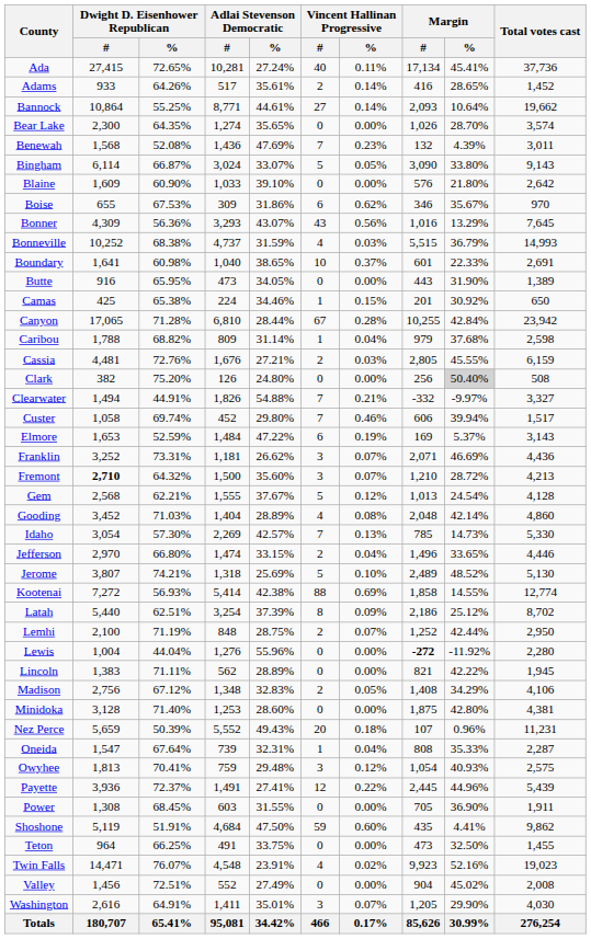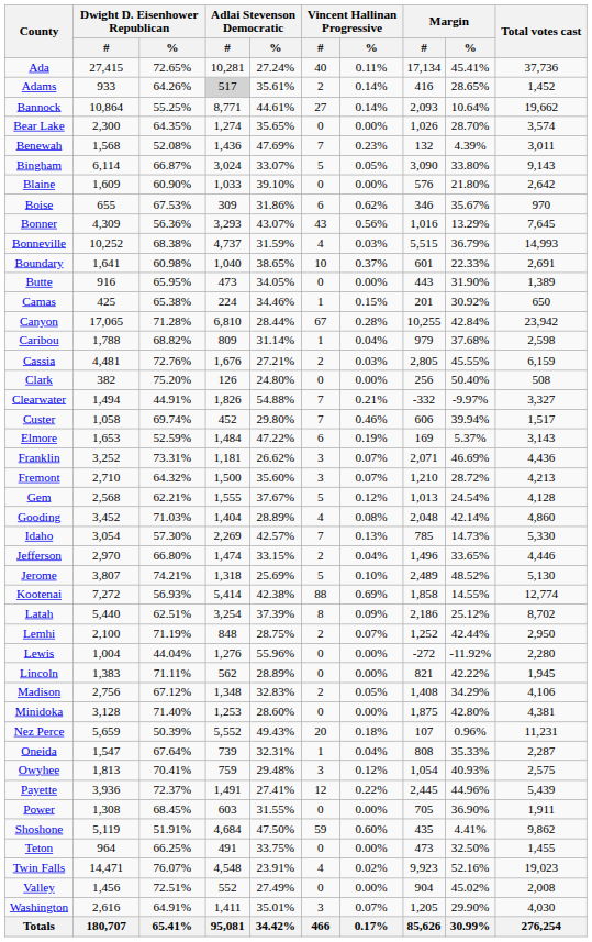 <table width="60%"  class="wikitable sortable" style="text-align:center">
 <tr>
 <th style="text-align:center;" rowspan="2">County</th>
 <th style="text-align:center;" colspan="2">Dwight D. Eisenhower<br>Republican</th>
 <th style="text-align:center;" colspan="2">Adlai Stevenson<br>Democratic</th>
 <th style="text-align:center;" colspan="2">Vincent Hallinan<br>Progressive</th>
 <th style="text-align:center;" colspan="2">Margin</th>
 <th style="text-align:center;" rowspan="2">Total votes cast</th>
 </tr>
 <tr>
 <th style="text-align:center;" data-sort-type="number">#</th>
 <th style="text-align:center;" data-sort-type="number">%</th>
 <th style="text-align:center;" data-sort-type="number">#</th>
 <th style="text-align:center;" data-sort-type="number">%</th>
 <th style="text-align:center;" data-sort-type="number">#</th>
 <th style="text-align:center;" data-sort-type="number">%</th>
 <th style="text-align:center;" data-sort-type="number">#</th>
 <th style="text-align:center;" data-sort-type="number">%</th>
 </tr>
 <tr style="text-align:center;">
 <td><a href='#'>Ada</a></td>
 <td>27,415</td>
 <td>72.65%</td>
 <td>10,281</td>
 <td>27.24%</td>
 <td>40</td>
 <td>0.11%</td>
 <td>17,134</td>
 <td>45.41%</td>
 <td>37,736</td>
 </tr>
 <tr style="text-align:center;">
 <td><a href='#'>Adams</a></td>
 <td>933</td>
 <td>64.26%</td>
-<td>517</td>
+<td style="background: lightgrey;">517</td>
 <td>35.61%</td>
 <td>2</td>
 <td>0.14%</td>
 <td>416</td>
 <td>28.65%</td>
 <td>1,452</td>
 </tr>
 <tr style="text-align:center;">
 <td><a href='#'>Bannock</a></td>
 <td>10,864</td>
 <td>55.25%</td>
 <td>8,771</td>
 <td>44.61%</td>
 <td>27</td>
 <td>0.14%</td>
 <td>2,093</td>
 <td>10.64%</td>
 <td>19,662</td>
 </tr>
 <tr style="text-align:center;">
 <td><a href='#'>Bear Lake</a></td>
 <td>2,300</td>
 <td>64.35%</td>
 <td>1,274</td>
 <td>35.65%</td>
 <td>0</td>
 <td>0.00%</td>
 <td>1,026</td>
 <td>28.70%</td>
 <td>3,574</td>
 </tr>
 <tr style="text-align:center;">
 <td><a href='#'>Benewah</a></td>
 <td>1,568</td>
 <td>52.08%</td>
 <td>1,436</td>
 <td>47.69%</td>
 <td>7</td>
 <td>0.23%</td>
 <td>132</td>
 <td>4.39%</td>
 <td>3,011</td>
 </tr>
 <tr style="text-align:center;">
 <td><a href='#'>Bingham</a></td>
 <td>6,114</td>
 <td>66.87%</td>
 <td>3,024</td>
 <td>33.07%</td>
 <td>5</td>
 <td>0.05%</td>
 <td>3,090</td>
 <td>33.80%</td>
 <td>9,143</td>
 </tr>
 <tr style="text-align:center;">
 <td><a href='#'>Blaine</a></td>
 <td>1,609</td>
 <td>60.90%</td>
 <td>1,033</td>
 <td>39.10%</td>
 <td>0</td>
 <td>0.00%</td>
 <td>576</td>
 <td>21.80%</td>
 <td>2,642</td>
 </tr>
 <tr style="text-align:center;">
 <td><a href='#'>Boise</a></td>
 <td>655</td>
 <td>67.53%</td>
 <td>309</td>
 <td>31.86%</td>
 <td>6</td>
 <td>0.62%</td>
 <td>346</td>
 <td>35.67%</td>
 <td>970</td>
 </tr>
 <tr style="text-align:center;">
 <td><a href='#'>Bonner</a></td>
 <td>4,309</td>
 <td>56.36%</td>
 <td>3,293</td>
 <td>43.07%</td>
 <td>43</td>
 <td>0.56%</td>
 <td>1,016</td>
 <td>13.29%</td>
 <td>7,645</td>
 </tr>
 <tr style="text-align:center;">
 <td><a href='#'>Bonneville</a></td>
 <td>10,252</td>
 <td>68.38%</td>
 <td>4,737</td>
 <td>31.59%</td>
 <td>4</td>
 <td>0.03%</td>
 <td>5,515</td>
 <td>36.79%</td>
 <td>14,993</td>
 </tr>
 <tr style="text-align:center;">
 <td><a href='#'>Boundary</a></td>
 <td>1,641</td>
 <td>60.98%</td>
 <td>1,040</td>
 <td>38.65%</td>
 <td>10</td>
 <td>0.37%</td>
 <td>601</td>
 <td>22.33%</td>
 <td>2,691</td>
 </tr>
 <tr style="text-align:center;">
 <td><a href='#'>Butte</a></td>
 <td>916</td>
 <td>65.95%</td>
 <td>473</td>
 <td>34.05%</td>
 <td>0</td>
 <td>0.00%</td>
 <td>443</td>
 <td>31.90%</td>
 <td>1,389</td>
 </tr>
 <tr style="text-align:center;">
 <td><a href='#'>Camas</a></td>
 <td>425</td>
 <td>65.38%</td>
 <td>224</td>
 <td>34.46%</td>
 <td>1</td>
 <td>0.15%</td>
 <td>201</td>
 <td>30.92%</td>
 <td>650</td>
 </tr>
 <tr style="text-align:center;">
 <td><a href='#'>Canyon</a></td>
 <td>17,065</td>
 <td>71.28%</td>
 <td>6,810</td>
 <td>28.44%</td>
 <td>67</td>
 <td>0.28%</td>
 <td>10,255</td>
 <td>42.84%</td>
 <td>23,942</td>
 </tr>
 <tr style="text-align:center;">
 <td><a href='#'>Caribou</a></td>
 <td>1,788</td>
 <td>68.82%</td>
 <td>809</td>
 <td>31.14%</td>
 <td>1</td>
 <td>0.04%</td>
 <td>979</td>
 <td>37.68%</td>
 <td>2,598</td>
 </tr>
 <tr style="text-align:center;">
 <td><a href='#'>Cassia</a></td>
 <td>4,481</td>
 <td>72.76%</td>
 <td>1,676</td>
 <td>27.21%</td>
 <td>2</td>
 <td>0.03%</td>
 <td>2,805</td>
 <td>45.55%</td>
 <td>6,159</td>
 </tr>
 <tr style="text-align:center;">
 <td><a href='#'>Clark</a></td>
 <td>382</td>
 <td>75.20%</td>
 <td>126</td>
 <td>24.80%</td>
 <td>0</td>
 <td>0.00%</td>
 <td>256</td>
-<td style="background: lightgrey;">50.40%</td>
+<td>50.40%</td>
 <td>508</td>
 </tr>
 <tr style="text-align:center;">
 <td><a href='#'>Clearwater</a></td>
 <td>1,494</td>
 <td>44.91%</td>
 <td>1,826</td>
 <td>54.88%</td>
 <td>7</td>
 <td>0.21%</td>
 <td>-332</td>
 <td>-9.97%</td>
 <td>3,327</td>
 </tr>
 <tr style="text-align:center;">
 <td><a href='#'>Custer</a></td>
 <td>1,058</td>
 <td>69.74%</td>
 <td>452</td>
 <td>29.80%</td>
 <td>7</td>
 <td>0.46%</td>
 <td>606</td>
 <td>39.94%</td>
 <td>1,517</td>
 </tr>
 <tr style="text-align:center;">
 <td><a href='#'>Elmore</a></td>
 <td>1,653</td>
 <td>52.59%</td>
 <td>1,484</td>
 <td>47.22%</td>
 <td>6</td>
 <td>0.19%</td>
 <td>169</td>
 <td>5.37%</td>
 <td>3,143</td>
 </tr>
 <tr style="text-align:center;">
 <td><a href='#'>Franklin</a></td>
 <td>3,252</td>
 <td>73.31%</td>
 <td>1,181</td>
 <td>26.62%</td>
 <td>3</td>
 <td>0.07%</td>
 <td>2,071</td>
 <td>46.69%</td>
 <td>4,436</td>
 </tr>
 <tr style="text-align:center;">
 <td><a href='#'>Fremont</a></td>
-<td><strong>2,710</strong></td>
+<td>2,710</td>
 <td>64.32%</td>
 <td>1,500</td>
 <td>35.60%</td>
 <td>3</td>
 <td>0.07%</td>
 <td>1,210</td>
 <td>28.72%</td>
 <td>4,213</td>
 </tr>
 <tr style="text-align:center;">
 <td><a href='#'>Gem</a></td>
 <td>2,568</td>
 <td>62.21%</td>
 <td>1,555</td>
 <td>37.67%</td>
 <td>5</td>
 <td>0.12%</td>
 <td>1,013</td>
 <td>24.54%</td>
 <td>4,128</td>
 </tr>
 <tr style="text-align:center;">
 <td><a href='#'>Gooding</a></td>
 <td>3,452</td>
 <td>71.03%</td>
 <td>1,404</td>
 <td>28.89%</td>
 <td>4</td>
 <td>0.08%</td>
 <td>2,048</td>
 <td>42.14%</td>
 <td>4,860</td>
 </tr>
 <tr style="text-align:center;">
 <td><a href='#'>Idaho</a></td>
 <td>3,054</td>
 <td>57.30%</td>
 <td>2,269</td>
 <td>42.57%</td>
 <td>7</td>
 <td>0.13%</td>
 <td>785</td>
 <td>14.73%</td>
 <td>5,330</td>
 </tr>
 <tr style="text-align:center;">
 <td><a href='#'>Jefferson</a></td>
 <td>2,970</td>
 <td>66.80%</td>
 <td>1,474</td>
 <td>33.15%</td>
 <td>2</td>
 <td>0.04%</td>
 <td>1,496</td>
 <td>33.65%</td>
 <td>4,446</td>
 </tr>
 <tr style="text-align:center;">
 <td><a href='#'>Jerome</a></td>
 <td>3,807</td>
 <td>74.21%</td>
 <td>1,318</td>
 <td>25.69%</td>
 <td>5</td>
 <td>0.10%</td>
 <td>2,489</td>
 <td>48.52%</td>
 <td>5,130</td>
 </tr>
 <tr style="text-align:center;">
 <td><a href='#'>Kootenai</a></td>
 <td>7,272</td>
 <td>56.93%</td>
 <td>5,414</td>
 <td>42.38%</td>
 <td>88</td>
 <td>0.69%</td>
 <td>1,858</td>
 <td>14.55%</td>
 <td>12,774</td>
 </tr>
 <tr style="text-align:center;">
 <td><a href='#'>Latah</a></td>
 <td>5,440</td>
 <td>62.51%</td>
 <td>3,254</td>
 <td>37.39%</td>
 <td>8</td>
 <td>0.09%</td>
 <td>2,186</td>
 <td>25.12%</td>
 <td>8,702</td>
 </tr>
 <tr style="text-align:center;">
 <td><a href='#'>Lemhi</a></td>
 <td>2,100</td>
 <td>71.19%</td>
 <td>848</td>
 <td>28.75%</td>
 <td>2</td>
 <td>0.07%</td>
 <td>1,252</td>
 <td>42.44%</td>
 <td>2,950</td>
 </tr>
 <tr style="text-align:center;">
 <td><a href='#'>Lewis</a></td>
 <td>1,004</td>
 <td>44.04%</td>
 <td>1,276</td>
 <td>55.96%</td>
 <td>0</td>
 <td>0.00%</td>
-<td><strong>-272</strong></td>
+<td>-272</td>
 <td>-11.92%</td>
 <td>2,280</td>
 </tr>
 <tr style="text-align:center;">
 <td><a href='#'>Lincoln</a></td>
 <td>1,383</td>
 <td>71.11%</td>
 <td>562</td>
 <td>28.89%</td>
 <td>0</td>
 <td>0.00%</td>
 <td>821</td>
 <td>42.22%</td>
 <td>1,945</td>
 </tr>
 <tr style="text-align:center;">
 <td><a href='#'>Madison</a></td>
 <td>2,756</td>
 <td>67.12%</td>
 <td>1,348</td>
 <td>32.83%</td>
 <td>2</td>
 <td>0.05%</td>
 <td>1,408</td>
 <td>34.29%</td>
 <td>4,106</td>
 </tr>
 <tr style="text-align:center;">
 <td><a href='#'>Minidoka</a></td>
 <td>3,128</td>
 <td>71.40%</td>
 <td>1,253</td>
 <td>28.60%</td>
 <td>0</td>
 <td>0.00%</td>
 <td>1,875</td>
 <td>42.80%</td>
 <td>4,381</td>
 </tr>
 <tr style="text-align:center;">
 <td><a href='#'>Nez Perce</a></td>
 <td>5,659</td>
 <td>50.39%</td>
 <td>5,552</td>
 <td>49.43%</td>
 <td>20</td>
 <td>0.18%</td>
 <td>107</td>
 <td>0.96%</td>
 <td>11,231</td>
 </tr>
 <tr style="text-align:center;">
 <td><a href='#'>Oneida</a></td>
 <td>1,547</td>
 <td>67.64%</td>
 <td>739</td>
 <td>32.31%</td>
 <td>1</td>
 <td>0.04%</td>
 <td>808</td>
 <td>35.33%</td>
 <td>2,287</td>
 </tr>
 <tr style="text-align:center;">
 <td><a href='#'>Owyhee</a></td>
 <td>1,813</td>
 <td>70.41%</td>
 <td>759</td>
 <td>29.48%</td>
 <td>3</td>
 <td>0.12%</td>
 <td>1,054</td>
 <td>40.93%</td>
 <td>2,575</td>
 </tr>
 <tr style="text-align:center;">
 <td><a href='#'>Payette</a></td>
 <td>3,936</td>
 <td>72.37%</td>
 <td>1,491</td>
 <td>27.41%</td>
 <td>12</td>
 <td>0.22%</td>
 <td>2,445</td>
 <td>44.96%</td>
 <td>5,439</td>
 </tr>
 <tr style="text-align:center;">
 <td><a href='#'>Power</a></td>
 <td>1,308</td>
 <td>68.45%</td>
 <td>603</td>
 <td>31.55%</td>
 <td>0</td>
 <td>0.00%</td>
 <td>705</td>
 <td>36.90%</td>
 <td>1,911</td>
 </tr>
 <tr style="text-align:center;">
 <td><a href='#'>Shoshone</a></td>
 <td>5,119</td>
 <td>51.91%</td>
 <td>4,684</td>
 <td>47.50%</td>
 <td>59</td>
 <td>0.60%</td>
 <td>435</td>
 <td>4.41%</td>
 <td>9,862</td>
 </tr>
 <tr style="text-align:center;">
 <td><a href='#'>Teton</a></td>
 <td>964</td>
 <td>66.25%</td>
 <td>491</td>
 <td>33.75%</td>
 <td>0</td>
 <td>0.00%</td>
 <td>473</td>
 <td>32.50%</td>
 <td>1,455</td>
 </tr>
 <tr style="text-align:center;">
 <td><a href='#'>Twin Falls</a></td>
 <td>14,471</td>
 <td>76.07%</td>
 <td>4,548</td>
 <td>23.91%</td>
 <td>4</td>
 <td>0.02%</td>
 <td>9,923</td>
 <td>52.16%</td>
 <td>19,023</td>
 </tr>
 <tr style="text-align:center;">
 <td><a href='#'>Valley</a></td>
 <td>1,456</td>
 <td>72.51%</td>
 <td>552</td>
 <td>27.49%</td>
 <td>0</td>
 <td>0.00%</td>
 <td>904</td>
 <td>45.02%</td>
 <td>2,008</td>
 </tr>
 <tr style="text-align:center;">
 <td><a href='#'>Washington</a></td>
 <td>2,616</td>
 <td>64.91%</td>
 <td>1,411</td>
 <td>35.01%</td>
 <td>3</td>
 <td>0.07%</td>
 <td>1,205</td>
 <td>29.90%</td>
 <td>4,030</td>
 </tr>
 <tr style="text-align:center;">
 <th>Totals</th>
 <th>180,707</th>
 <th>65.41%</th>
 <th>95,081</th>
 <th>34.42%</th>
 <th>466</th>
 <th>0.17%</th>
 <th>85,626</th>
 <th>30.99%</th>
 <th>276,254</th>
 </tr>
 </table>
